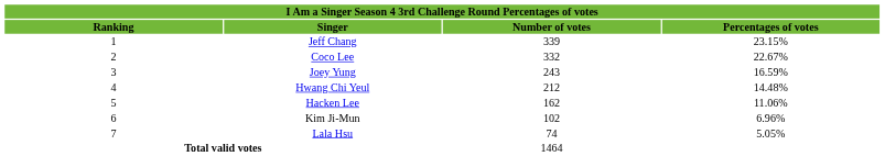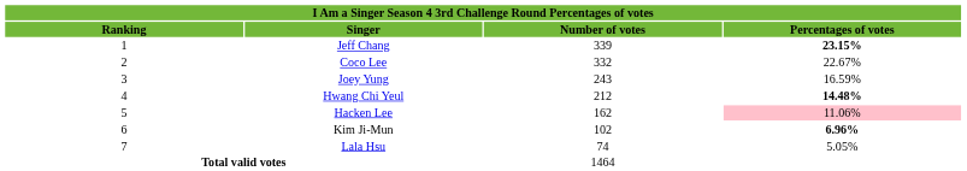 <table width="100%" style="text-align:center">
 <tr style="background:#73B839">
 <td colspan="4"><div><strong>I Am a Singer Season 4 3rd Challenge Round Percentages of votes</strong></div></td>
 </tr>
 <tr style="background:#73B839">
 <td style="width:25%"><strong>Ranking</strong></td>
 <td style="width:25%"><strong>Singer</strong></td>
 <td style="width:25%"><strong>Number of votes</strong></td>
 <td style="width:25%"><strong>Percentages of votes</strong></td>
 </tr>
 <tr>
 <td>1</td>
 <td><a href='#'>Jeff Chang</a></td>
 <td>339</td>
-<td>23.15%</td>
+<td><strong>23.15%</strong></td>
 </tr>
 <tr>
 <td>2</td>
 <td><a href='#'>Coco Lee</a></td>
 <td>332</td>
 <td>22.67%</td>
 </tr>
 <tr>
 <td>3</td>
 <td><a href='#'>Joey Yung</a></td>
 <td>243</td>
 <td>16.59%</td>
 </tr>
 <tr>
 <td>4</td>
 <td><a href='#'>Hwang Chi Yeul</a></td>
 <td>212</td>
-<td>14.48%</td>
+<td><strong>14.48%</strong></td>
 </tr>
 <tr>
 <td>5</td>
 <td><a href='#'>Hacken Lee</a></td>
 <td>162</td>
-<td>11.06%</td>
+<td style="background: pink;">11.06%</td>
 </tr>
 <tr>
 <td>6</td>
 <td>Kim Ji-Mun</td>
 <td>102</td>
-<td>6.96%</td>
+<td><strong>6.96%</strong></td>
 </tr>
 <tr>
 <td>7</td>
 <td><a href='#'>Lala Hsu</a></td>
 <td>74</td>
 <td>5.05%</td>
 </tr>
 <tr>
 <td align=center colspan=2><strong>Total valid votes</strong></td>
 <td>1464</td>
 </tr>
 </table>
